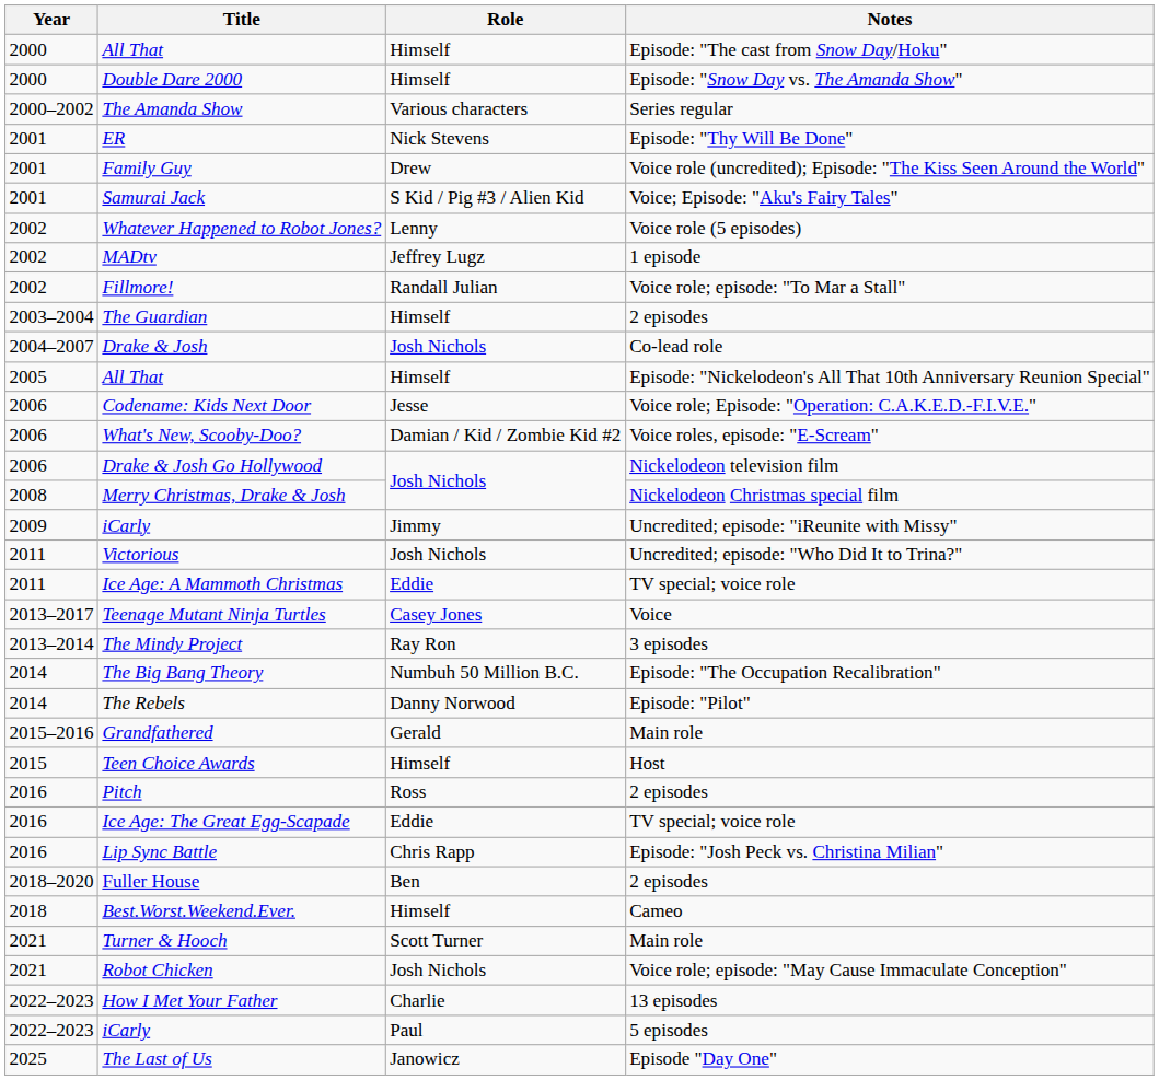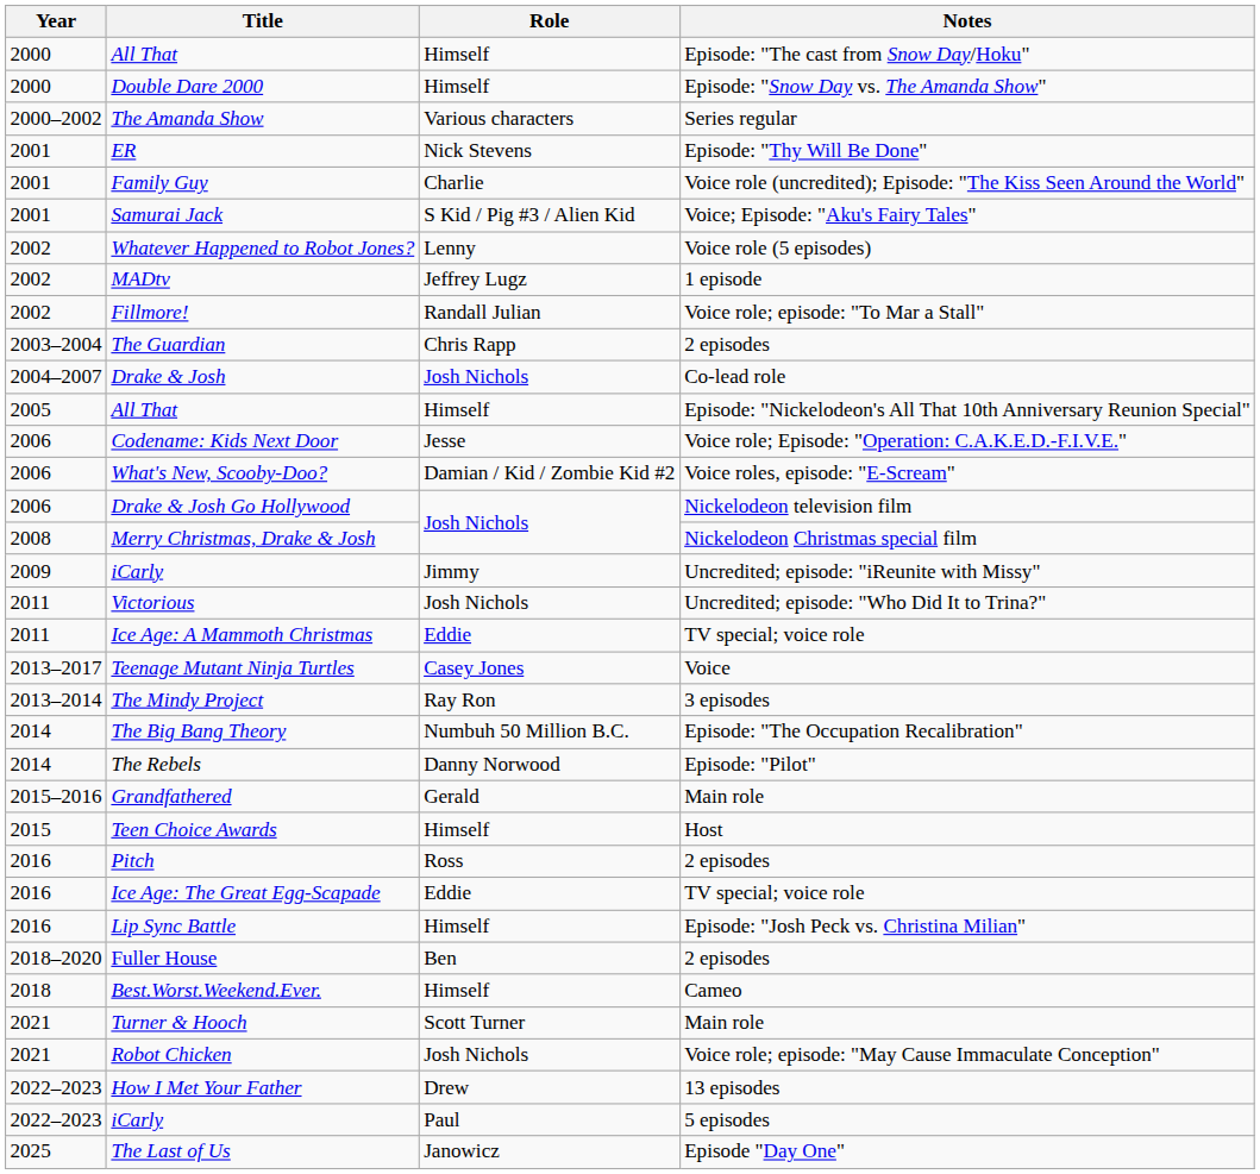 <table class="wikitable sortable">
 <tr>
 <th>Year</th>
 <th>Title</th>
 <th>Role</th>
 <th class = "unsortable">Notes</th>
 </tr>
 <tr>
 <td>2000</td>
 <td><em><a href='#'>All That</a></em></td>
 <td>Himself</td>
 <td>Episode: "The cast from <a href='#'><em>Snow Day</em></a>/<a href='#'>Hoku</a>"</td>
 </tr>
 <tr>
 <td>2000</td>
 <td><em><a href='#'>Double Dare 2000</a></em></td>
 <td>Himself</td>
 <td>Episode: "<em><a href='#'>Snow Day</a></em> vs. <em><a href='#'>The Amanda Show</a></em>"</td>
 </tr>
 <tr>
 <td>2000–2002</td>
 <td><em><a href='#'>The Amanda Show</a></em></td>
 <td>Various characters</td>
 <td>Series regular</td>
 </tr>
 <tr>
 <td>2001</td>
 <td><em><a href='#'>ER</a></em></td>
 <td>Nick Stevens</td>
 <td>Episode: "<a href='#'>Thy Will Be Done</a>"</td>
 </tr>
 <tr>
 <td>2001</td>
 <td><em><a href='#'>Family Guy</a></em></td>
-<td>Drew</td>
+<td>Charlie</td>
 <td>Voice role (uncredited); Episode: "<a href='#'>The Kiss Seen Around the World</a>"</td>
 </tr>
 <tr>
 <td>2001</td>
 <td><em><a href='#'>Samurai Jack</a></em></td>
 <td>S Kid / Pig #3 / Alien Kid</td>
 <td>Voice; Episode: "<a href='#'>Aku's Fairy Tales</a>"</td>
 </tr>
 <tr>
 <td>2002</td>
 <td><em><a href='#'>Whatever Happened to Robot Jones?</a></em></td>
 <td>Lenny</td>
 <td>Voice role (5 episodes)</td>
 </tr>
 <tr>
 <td>2002</td>
 <td><em><a href='#'>MADtv</a></em></td>
 <td>Jeffrey Lugz</td>
 <td>1 episode</td>
 </tr>
 <tr>
 <td>2002</td>
 <td><em><a href='#'>Fillmore!</a></em></td>
 <td>Randall Julian</td>
 <td>Voice role; episode: "To Mar a Stall"</td>
 </tr>
 <tr>
 <td>2003–2004</td>
 <td><em><a href='#'>The Guardian</a></em></td>
-<td>Himself</td>
+<td>Chris Rapp</td>
 <td>2 episodes</td>
 </tr>
 <tr>
 <td>2004–2007</td>
 <td><em><a href='#'>Drake & Josh</a></em></td>
 <td><a href='#'>Josh Nichols</a></td>
 <td>Co-lead role</td>
 </tr>
 <tr>
 <td>2005</td>
 <td><em><a href='#'>All That</a></em></td>
 <td>Himself</td>
 <td>Episode: "Nickelodeon's All That 10th Anniversary Reunion Special"</td>
 </tr>
 <tr>
 <td>2006</td>
 <td><em><a href='#'>Codename: Kids Next Door</a></em></td>
 <td>Jesse</td>
 <td>Voice role; Episode: "<a href='#'>Operation: C.A.K.E.D.-F.I.V.E.</a>"</td>
 </tr>
 <tr>
 <td>2006</td>
 <td><em><a href='#'>What's New, Scooby-Doo?</a></em></td>
 <td>Damian / Kid / Zombie Kid #2</td>
 <td>Voice roles, episode: "<a href='#'>E-Scream</a>"</td>
 </tr>
 <tr>
 <td>2006</td>
 <td><em><a href='#'>Drake & Josh Go Hollywood</a></em></td>
 <td rowspan=2><a href='#'>Josh Nichols</a></td>
 <td><a href='#'>Nickelodeon</a> television film</td>
 </tr>
 <tr>
 <td>2008</td>
 <td><em><a href='#'>Merry Christmas, Drake & Josh</a></em></td>
 <td><a href='#'>Nickelodeon</a> <a href='#'>Christmas special</a> film</td>
 </tr>
 <tr>
 <td>2009</td>
 <td><em><a href='#'>iCarly</a></em></td>
 <td>Jimmy</td>
 <td>Uncredited; episode: "iReunite with Missy"</td>
 </tr>
 <tr>
 <td>2011</td>
 <td><em><a href='#'>Victorious</a></em></td>
 <td>Josh Nichols</td>
 <td>Uncredited; episode: "Who Did It to Trina?"</td>
 </tr>
 <tr>
 <td>2011</td>
 <td><em><a href='#'>Ice Age: A Mammoth Christmas</a></em></td>
 <td><a href='#'>Eddie</a></td>
 <td>TV special; voice role</td>
 </tr>
 <tr>
 <td>2013–2017</td>
 <td><em><a href='#'>Teenage Mutant Ninja Turtles</a></em></td>
 <td><a href='#'>Casey Jones</a></td>
 <td>Voice</td>
 </tr>
 <tr>
 <td>2013–2014</td>
 <td><em><a href='#'>The Mindy Project</a></em></td>
 <td>Ray Ron</td>
 <td>3 episodes</td>
 </tr>
 <tr>
 <td>2014</td>
 <td><em><a href='#'>The Big Bang Theory</a></em></td>
 <td>Numbuh 50 Million B.C.</td>
 <td>Episode: "The Occupation Recalibration"</td>
 </tr>
 <tr>
 <td>2014</td>
 <td><em>The Rebels</em></td>
 <td>Danny Norwood</td>
 <td>Episode: "Pilot"</td>
 </tr>
 <tr>
 <td>2015–2016</td>
 <td><em><a href='#'>Grandfathered</a></em></td>
 <td>Gerald</td>
 <td>Main role</td>
 </tr>
 <tr>
 <td>2015</td>
 <td><em><a href='#'>Teen Choice Awards</a></em></td>
 <td>Himself</td>
 <td>Host</td>
 </tr>
 <tr>
 <td>2016</td>
 <td><em><a href='#'>Pitch</a></em></td>
 <td>Ross</td>
 <td>2 episodes</td>
 </tr>
 <tr>
 <td>2016</td>
 <td><em><a href='#'>Ice Age: The Great Egg-Scapade</a></em></td>
 <td>Eddie</td>
 <td>TV special; voice role</td>
 </tr>
 <tr>
 <td>2016</td>
 <td><em><a href='#'>Lip Sync Battle</a></em></td>
-<td>Chris Rapp</td>
+<td>Himself</td>
 <td>Episode: "Josh Peck vs. <a href='#'>Christina Milian</a>"</td>
 </tr>
 <tr>
 <td>2018–2020</td>
 <td><em><a href='#'></em>Fuller House<em></a></em></td>
 <td>Ben</td>
 <td>2 episodes</td>
 </tr>
 <tr>
 <td>2018</td>
 <td><em><a href='#'>Best.Worst.Weekend.Ever.</a></em></td>
 <td>Himself</td>
 <td>Cameo</td>
 </tr>
 <tr>
 <td>2021</td>
 <td><em><a href='#'>Turner & Hooch</a></em></td>
 <td>Scott Turner</td>
 <td>Main role</td>
 </tr>
 <tr>
 <td>2021</td>
 <td><em><a href='#'>Robot Chicken</a></em></td>
 <td>Josh Nichols</td>
 <td>Voice role; episode: "May Cause Immaculate Conception"</td>
 </tr>
 <tr>
 <td>2022–2023</td>
 <td><em><a href='#'>How I Met Your Father</a></em></td>
-<td>Charlie</td>
+<td>Drew</td>
 <td>13 episodes</td>
 </tr>
 <tr>
 <td>2022–2023</td>
 <td><em><a href='#'>iCarly</a></em></td>
 <td>Paul</td>
 <td>5 episodes</td>
 </tr>
 <tr>
 <td>2025</td>
 <td><em><a href='#'>The Last of Us</a></em></td>
 <td>Janowicz</td>
 <td>Episode "<a href='#'>Day One</a>"</td>
 </tr>
 </table>
